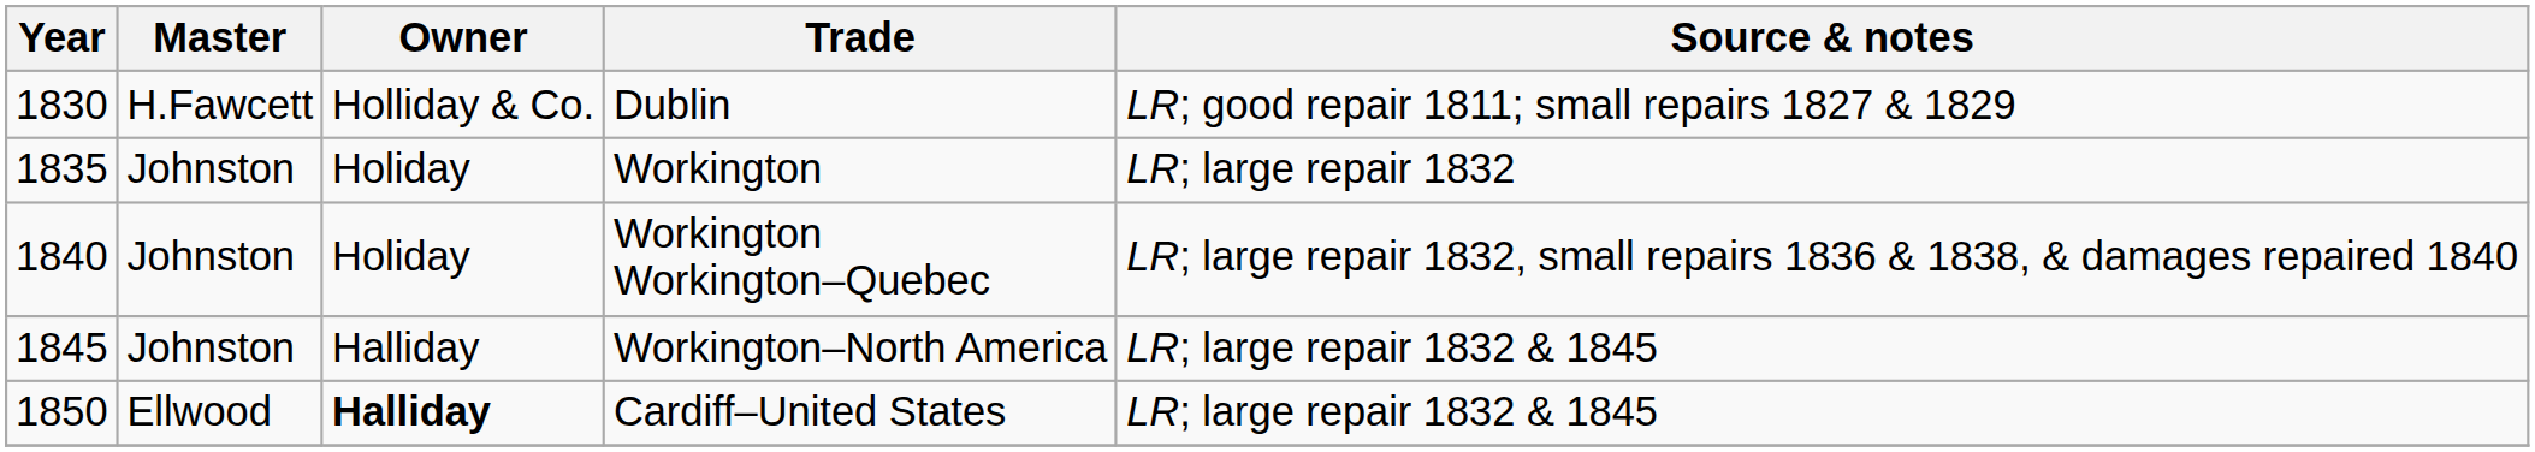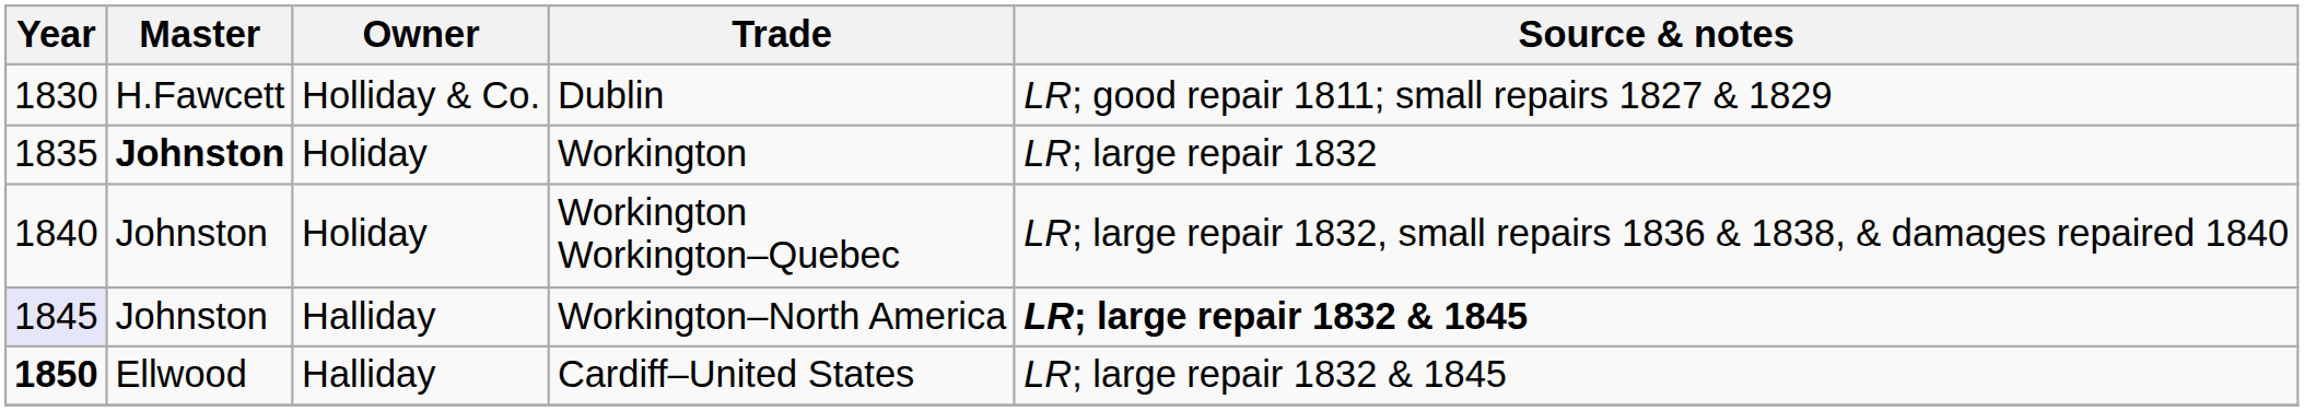 <table class="sortable wikitable">
 <tr>
 <th>Year</th>
 <th>Master</th>
 <th>Owner</th>
 <th>Trade</th>
 <th>Source & notes</th>
 </tr>
 <tr>
 <td>1830</td>
 <td>H.Fawcett</td>
 <td>Holliday & Co.</td>
 <td>Dublin</td>
 <td><em>LR</em>; good repair 1811; small repairs 1827 & 1829</td>
 </tr>
 <tr>
 <td>1835</td>
-<td>Johnston</td>
+<td><strong>Johnston</strong></td>
 <td>Holiday</td>
 <td>Workington</td>
 <td><em>LR</em>; large repair 1832</td>
 </tr>
 <tr>
 <td>1840</td>
 <td>Johnston</td>
 <td>Holiday</td>
 <td>Workington<br>Workington–Quebec</td>
 <td><em>LR</em>; large repair 1832, small repairs 1836 & 1838, & damages repaired 1840</td>
 </tr>
 <tr>
-<td>1845</td>
+<td style="background: lavender;">1845</td>
 <td>Johnston</td>
 <td>Halliday</td>
 <td>Workington–North America</td>
-<td><em>LR</em>; large repair 1832 & 1845</td>
+<td><strong><em>LR</em>; large repair 1832 & 1845</strong></td>
 </tr>
 <tr>
-<td>1850</td>
+<td><strong>1850</strong></td>
 <td>Ellwood</td>
-<td><strong>Halliday</strong></td>
+<td>Halliday</td>
 <td>Cardiff–United States</td>
 <td><em>LR</em>; large repair 1832 & 1845</td>
 </tr>
 <tr>
 </tr>
 </table>
